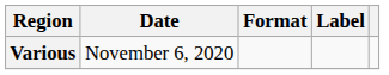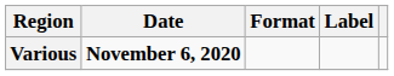 <table class="wikitable plainrowheaders">
 <tr>
 <th scope="col">Region</th>
 <th scope="col">Date</th>
 <th scope="col">Format</th>
 <th scope="col">Label</th>
 <th scope="col"></th>
 </tr>
 <tr>
 <th scope="row">Various</th>
-<td>November 6, 2020</td>
+<td><strong>November 6, 2020</strong></td>
 <td></td>
 <td></td>
 <td></td>
 </tr>
 <tr>
 </tr>
 </table>
